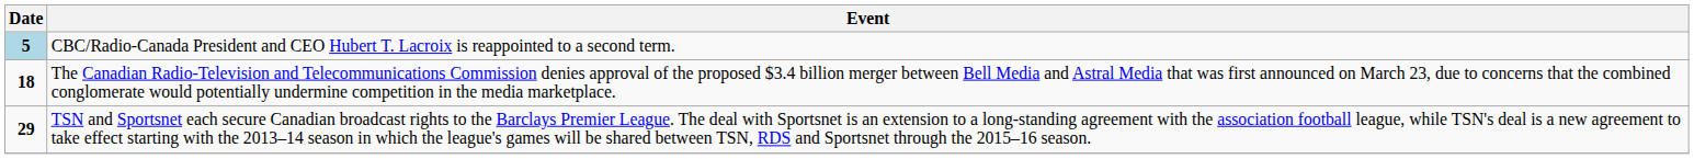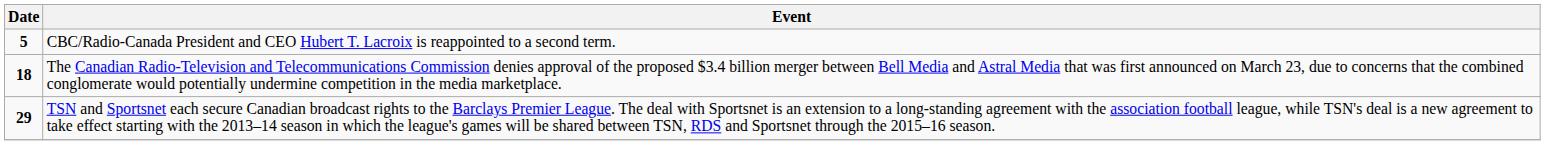 <table class="wikitable">
 <tr>
 <th>Date</th>
 <th>Event</th>
 </tr>
 <tr>
-<td style="background: lightblue; text-align:center;"><strong>5</strong></td>
+<td style="text-align:center;"><strong>5</strong></td>
 <td>CBC/Radio-Canada President and CEO <a href='#'>Hubert T. Lacroix</a> is reappointed to a second term.</td>
 </tr>
 <tr>
 <td style="text-align:center;"><strong>18</strong></td>
 <td>The <a href='#'>Canadian Radio-Television and Telecommunications Commission</a> denies approval of the proposed $3.4 billion merger between <a href='#'>Bell Media</a> and <a href='#'>Astral Media</a> that was first announced on March 23, due to concerns that the combined conglomerate would potentially undermine competition in the media marketplace.</td>
 </tr>
 <tr>
 <td style="text-align:center;"><strong>29</strong></td>
 <td><a href='#'>TSN</a> and <a href='#'>Sportsnet</a> each secure Canadian broadcast rights to the <a href='#'>Barclays Premier League</a>. The deal with Sportsnet is an extension to a long-standing agreement with the <a href='#'>association football</a> league, while TSN's deal is a new agreement to take effect starting with the 2013–14 season in which the league's games will be shared between TSN, <a href='#'>RDS</a> and Sportsnet through the 2015–16 season.</td>
 </tr>
 <tr>
 </tr>
 </table>
